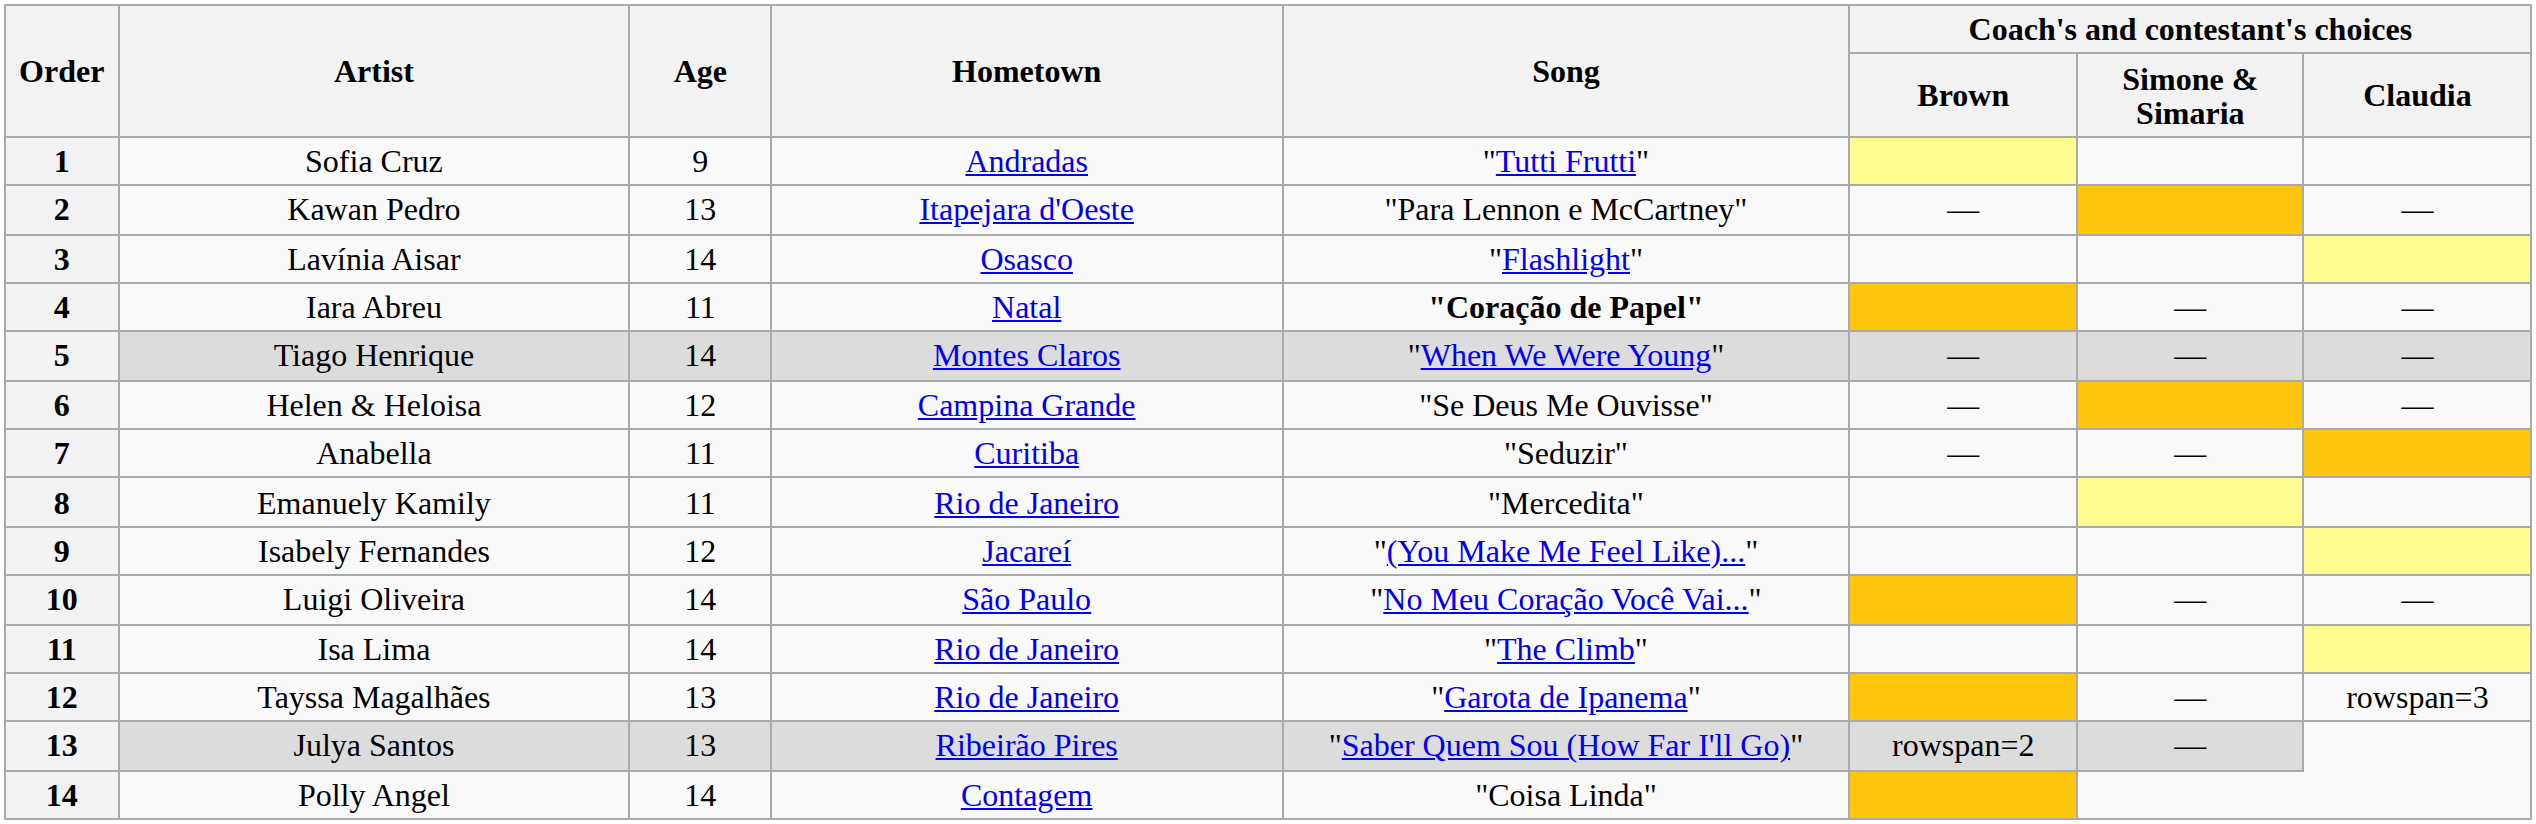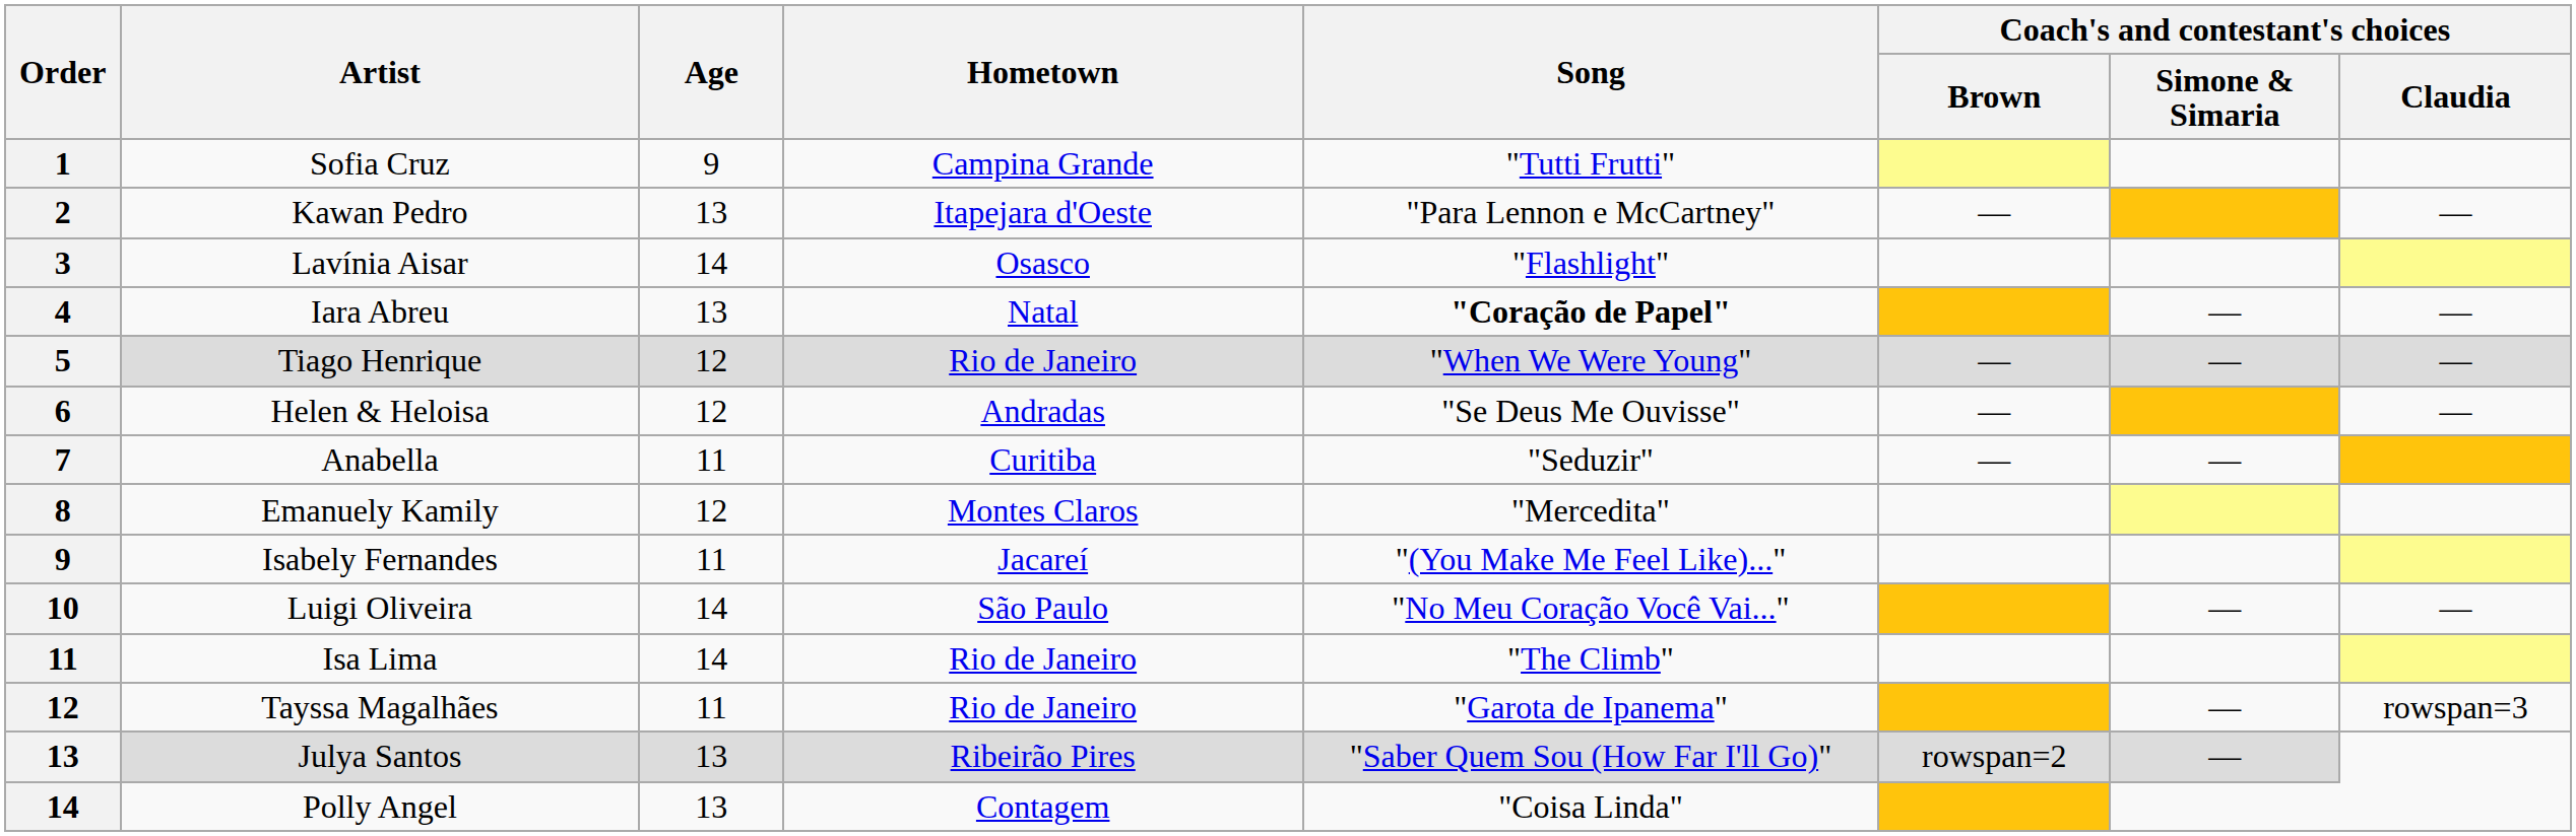 <table class="wikitable" style="text-align:center; line-height:17px; width:100%;">
 <tr>
 <th scope="col" rowspan=2 width="04%">Order</th>
 <th scope="col" rowspan=2 width="18%">Artist</th>
 <th scope="col" rowspan=2 width="05%">Age</th>
 <th scope="col" rowspan=2 width="18%">Hometown</th>
 <th scope="col" rowspan=2 width="20%">Song</th>
 <th scope="col" colspan=3 width="24%">Coach's and contestant's choices</th>
 </tr>
 <tr>
 <th width="08%">Brown</th>
 <th width="08%">Simone & Simaria</th>
 <th width="08%">Claudia</th>
 </tr>
 <tr>
 <th>1</th>
 <td>Sofia Cruz</td>
 <td>9</td>
-<td><a href='#'>Andradas</a></td>
+<td><a href='#'>Campina Grande</a></td>
 <td>"<a href='#'>Tutti Frutti</a>"</td>
 <td bgcolor=FDFC8F><strong></strong></td>
 <td><strong></strong></td>
 <td><strong></strong></td>
 </tr>
 <tr>
 <th>2</th>
 <td>Kawan Pedro</td>
 <td>13</td>
 <td><a href='#'>Itapejara d'Oeste</a></td>
 <td>"Para Lennon e McCartney"</td>
 <td>—</td>
 <td bgcolor=FFC40C><strong></strong></td>
 <td>—</td>
 </tr>
 <tr>
 <th>3</th>
 <td>Lavínia Aisar</td>
 <td>14</td>
 <td><a href='#'>Osasco</a></td>
 <td>"<a href='#'>Flashlight</a>"</td>
 <td><strong></strong></td>
 <td><strong></strong></td>
 <td bgcolor=FDFC8F><strong></strong></td>
 </tr>
 <tr>
 <th>4</th>
 <td>Iara Abreu</td>
-<td>11</td>
+<td>13</td>
 <td><a href='#'>Natal</a></td>
 <td><strong>"Coração de Papel"</strong></td>
 <td bgcolor=FFC40C><strong></strong></td>
 <td>—</td>
 <td>—</td>
 </tr>
 <tr bgcolor=DCDCDC>
 <th>5</th>
 <td>Tiago Henrique</td>
-<td>14</td>
-<td><a href='#'>Montes Claros</a></td>
+<td>12</td>
+<td><a href='#'>Rio de Janeiro</a></td>
 <td>"<a href='#'>When We Were Young</a>"</td>
 <td>—</td>
 <td>—</td>
 <td>—</td>
 </tr>
 <tr>
 <th>6</th>
 <td>Helen & Heloisa</td>
 <td>12</td>
-<td><a href='#'>Campina Grande</a></td>
+<td><a href='#'>Andradas</a></td>
 <td>"Se Deus Me Ouvisse"</td>
 <td>—</td>
 <td bgcolor=FFC40C><strong></strong></td>
 <td>—</td>
 </tr>
 <tr>
 <th>7</th>
 <td>Anabella</td>
 <td>11</td>
 <td><a href='#'>Curitiba</a></td>
 <td>"Seduzir"</td>
 <td>—</td>
 <td>—</td>
 <td bgcolor=FFC40C><strong></strong></td>
 </tr>
 <tr>
 <th>8</th>
 <td>Emanuely Kamily</td>
-<td>11</td>
-<td><a href='#'>Rio de Janeiro</a></td>
+<td>12</td>
+<td><a href='#'>Montes Claros</a></td>
 <td>"Mercedita"</td>
 <td><strong></strong></td>
 <td bgcolor=FDFC8F><strong></strong></td>
 <td><strong></strong></td>
 </tr>
 <tr>
 <th>9</th>
 <td>Isabely Fernandes</td>
-<td>12</td>
+<td>11</td>
 <td><a href='#'>Jacareí</a></td>
 <td>"<a href='#'>(You Make Me Feel Like)...</a>"</td>
 <td><strong></strong></td>
 <td><strong></strong></td>
 <td bgcolor=FDFC8F><strong></strong></td>
 </tr>
 <tr>
 <th>10</th>
 <td>Luigi Oliveira</td>
 <td>14</td>
 <td><a href='#'>São Paulo</a></td>
 <td>"<a href='#'>No Meu Coração Você Vai...</a>"</td>
 <td bgcolor=FFC40C><strong></strong></td>
 <td>—</td>
 <td>—</td>
 </tr>
 <tr>
 <th>11</th>
 <td>Isa Lima</td>
 <td>14</td>
 <td><a href='#'>Rio de Janeiro</a></td>
 <td>"<a href='#'>The Climb</a>"</td>
 <td><strong></strong></td>
 <td><strong></strong></td>
 <td bgcolor=FDFC8F><strong></strong></td>
 </tr>
 <tr>
 <th>12</th>
 <td>Tayssa Magalhães</td>
-<td>13</td>
+<td>11</td>
 <td><a href='#'>Rio de Janeiro</a></td>
 <td>"<a href='#'>Garota de Ipanema</a>"</td>
 <td bgcolor=FFC40C><strong></strong></td>
 <td>—</td>
 <td>rowspan=3 </td>
 </tr>
 <tr bgcolor=DCDCDC>
 <th>13</th>
 <td>Julya Santos</td>
 <td>13</td>
 <td><a href='#'>Ribeirão Pires</a></td>
 <td>"<a href='#'>Saber Quem Sou (How Far I'll Go)</a>"</td>
 <td>rowspan=2 </td>
 <td>—</td>
 </tr>
 <tr>
 <th>14</th>
 <td>Polly Angel</td>
-<td>14</td>
+<td>13</td>
 <td><a href='#'>Contagem</a></td>
 <td>"Coisa Linda"</td>
 <td bgcolor=FFC40C><strong></strong></td>
 </tr>
 <tr>
 </tr>
 </table>
